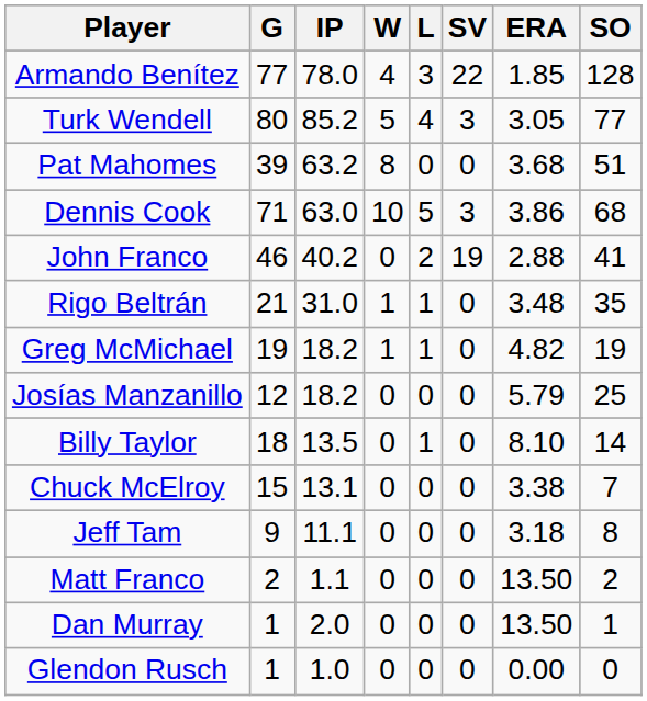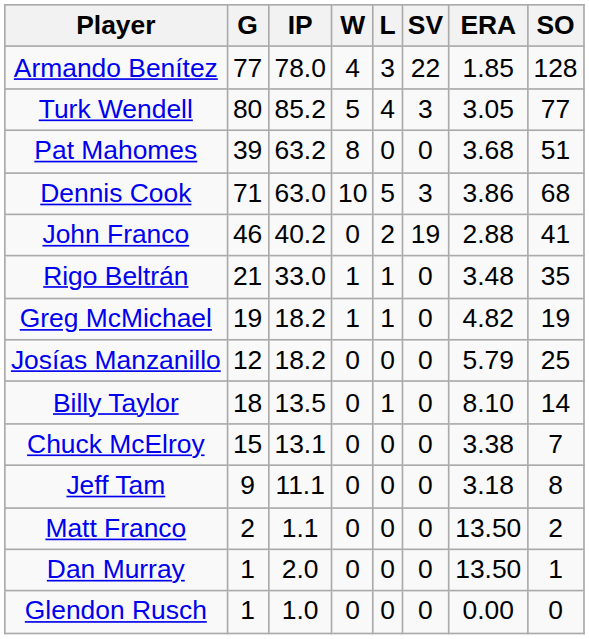 <table class="wikitable sortable">
 <tr>
 <th>Player</th>
 <th>G</th>
 <th>IP</th>
 <th>W</th>
 <th>L</th>
 <th>SV</th>
 <th>ERA</th>
 <th>SO</th>
 </tr>
 <tr style="text-align: center">
 <td><a href='#'>Armando Benítez</a></td>
 <td>77</td>
 <td>78.0</td>
 <td>4</td>
 <td>3</td>
 <td>22</td>
 <td>1.85</td>
 <td>128</td>
 </tr>
 <tr style="text-align: center">
 <td><a href='#'>Turk Wendell</a></td>
 <td>80</td>
 <td>85.2</td>
 <td>5</td>
 <td>4</td>
 <td>3</td>
 <td>3.05</td>
 <td>77</td>
 </tr>
 <tr style="text-align: center">
 <td><a href='#'>Pat Mahomes</a></td>
 <td>39</td>
 <td>63.2</td>
 <td>8</td>
 <td>0</td>
 <td>0</td>
 <td>3.68</td>
 <td>51</td>
 </tr>
 <tr style="text-align: center">
 <td><a href='#'>Dennis Cook</a></td>
 <td>71</td>
 <td>63.0</td>
 <td>10</td>
 <td>5</td>
 <td>3</td>
 <td>3.86</td>
 <td>68</td>
 </tr>
 <tr style="text-align: center">
 <td><a href='#'>John Franco</a></td>
 <td>46</td>
 <td>40.2</td>
 <td>0</td>
 <td>2</td>
 <td>19</td>
 <td>2.88</td>
 <td>41</td>
 </tr>
 <tr style="text-align: center">
 <td><a href='#'>Rigo Beltrán</a></td>
 <td>21</td>
-<td>31.0</td>
+<td>33.0</td>
 <td>1</td>
 <td>1</td>
 <td>0</td>
 <td>3.48</td>
 <td>35</td>
 </tr>
 <tr style="text-align: center">
 <td><a href='#'>Greg McMichael</a></td>
 <td>19</td>
 <td>18.2</td>
 <td>1</td>
 <td>1</td>
 <td>0</td>
 <td>4.82</td>
 <td>19</td>
 </tr>
 <tr style="text-align: center">
 <td><a href='#'>Josías Manzanillo</a></td>
 <td>12</td>
 <td>18.2</td>
 <td>0</td>
 <td>0</td>
 <td>0</td>
 <td>5.79</td>
 <td>25</td>
 </tr>
 <tr align=center>
 <td><a href='#'>Billy Taylor</a></td>
 <td>18</td>
 <td>13.5</td>
 <td>0</td>
 <td>1</td>
 <td>0</td>
 <td>8.10</td>
 <td>14</td>
 </tr>
 <tr style="text-align: center">
 <td><a href='#'>Chuck McElroy</a></td>
 <td>15</td>
 <td>13.1</td>
 <td>0</td>
 <td>0</td>
 <td>0</td>
 <td>3.38</td>
 <td>7</td>
 </tr>
 <tr style="text-align: center">
 <td><a href='#'>Jeff Tam</a></td>
 <td>9</td>
 <td>11.1</td>
 <td>0</td>
 <td>0</td>
 <td>0</td>
 <td>3.18</td>
 <td>8</td>
 </tr>
 <tr style="text-align: center">
 <td><a href='#'>Matt Franco</a></td>
 <td>2</td>
 <td>1.1</td>
 <td>0</td>
 <td>0</td>
 <td>0</td>
 <td>13.50</td>
 <td>2</td>
 </tr>
 <tr style="text-align: center">
 <td><a href='#'>Dan Murray</a></td>
 <td>1</td>
 <td>2.0</td>
 <td>0</td>
 <td>0</td>
 <td>0</td>
 <td>13.50</td>
 <td>1</td>
 </tr>
 <tr style="text-align: center">
 <td><a href='#'>Glendon Rusch</a></td>
 <td>1</td>
 <td>1.0</td>
 <td>0</td>
 <td>0</td>
 <td>0</td>
 <td>0.00</td>
 <td>0</td>
 </tr>
 </table>
